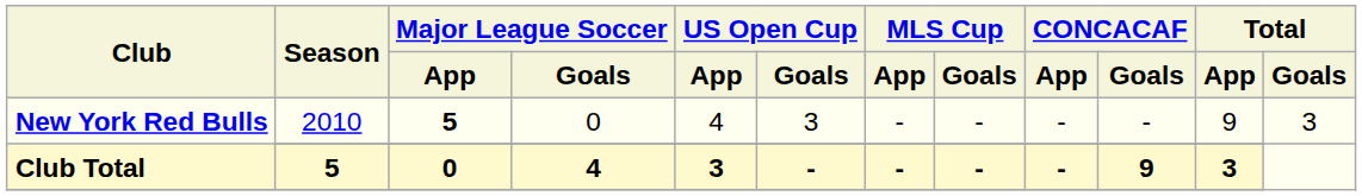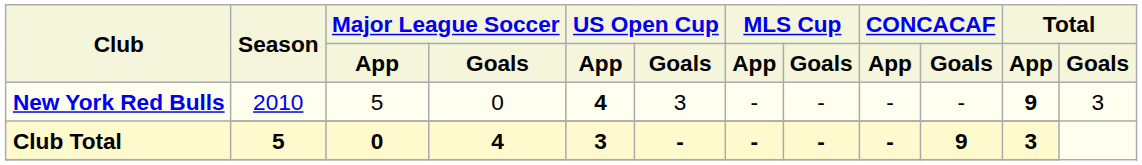 <table border=1 align=center cellpadding=4 cellspacing=2 style="background: ivory; font-size: 95%; border: 1px #aaaaaa solid; border-collapse: collapse; clear:center">
 <tr style="background:beige">
 <th rowspan="2">Club</th>
 <th rowspan="2">Season</th>
 <th colspan="2"><a href='#'>Major League Soccer</a></th>
 <th colspan="2"><a href='#'>US Open Cup</a></th>
 <th colspan="2"><a href='#'>MLS Cup</a></th>
 <th colspan="2"><a href='#'>CONCACAF</a></th>
 <th colspan="2">Total</th>
 </tr>
 <tr style="background:beige">
 <th>App</th>
 <th>Goals</th>
 <th>App</th>
 <th>Goals</th>
 <th>App</th>
 <th>Goals</th>
 <th>App</th>
 <th>Goals</th>
 <th>App</th>
 <th>Goals</th>
 </tr>
 <tr>
 <td rowspan="2" align=center valign=center><strong><a href='#'>New York Red Bulls</a></strong><br></td>
 <td align="center"><a href='#'>2010</a></td>
-<td align="center"><strong>5</strong></td>
+<td align="center">5</td>
 <td align="center">0</td>
-<td align="center">4</td>
+<td align="center"><strong>4</strong></td>
 <td align="center">3</td>
 <td align="center">-</td>
 <td align="center">-</td>
 <td align="center">-</td>
 <td align="center">-</td>
-<td align="center">9</td>
+<td align="center"><strong>9</strong></td>
 <td align="center">3</td>
 </tr>
 <tr>
 </tr>
 <tr style="background:lemonchiffon">
 <th colspan="1" align="left">Club Total</th>
 <th>5</th>
 <th>0</th>
 <th>4</th>
 <th>3</th>
 <th>-</th>
 <th>-</th>
 <th>-</th>
 <th>-</th>
 <th>9</th>
 <th>3</th>
 </tr>
 <tr>
 </tr>
 </table>
